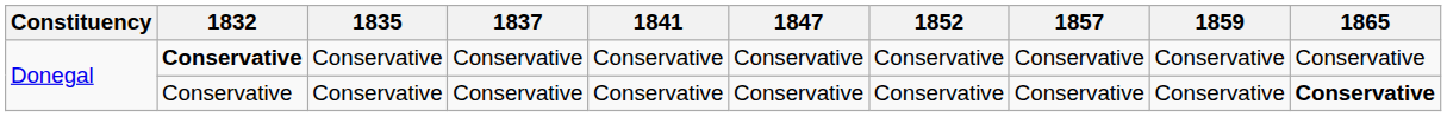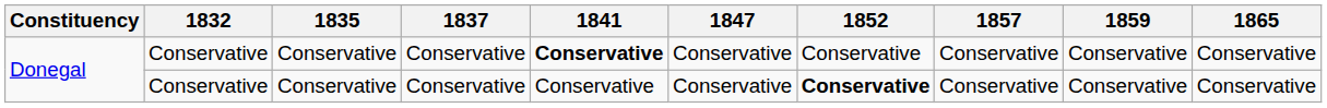 <table class=wikitable sortable>
 <tr>
 <th>Constituency</th>
 <th>1832</th>
 <th>1835</th>
 <th>1837</th>
 <th>1841</th>
 <th>1847</th>
 <th>1852</th>
 <th>1857</th>
 <th>1859</th>
 <th>1865</th>
 </tr>
 <tr>
 <td rowspan=2><a href='#'>Donegal</a></td>
-<td bgcolor=><strong>Conservative</strong></td>
 <td bgcolor=>Conservative</td>
 <td bgcolor=>Conservative</td>
 <td bgcolor=>Conservative</td>
+<td bgcolor=><strong>Conservative</strong></td>
 <td bgcolor=>Conservative</td>
 <td bgcolor=>Conservative</td>
 <td bgcolor=>Conservative</td>
 <td bgcolor=>Conservative</td>
 <td bgcolor=>Conservative</td>
 </tr>
 <tr>
 <td bgcolor=>Conservative</td>
 <td bgcolor=>Conservative</td>
 <td bgcolor=>Conservative</td>
 <td bgcolor=>Conservative</td>
 <td bgcolor=>Conservative</td>
+<td bgcolor=><strong>Conservative</strong></td>
 <td bgcolor=>Conservative</td>
 <td bgcolor=>Conservative</td>
 <td bgcolor=>Conservative</td>
-<td bgcolor=><strong>Conservative</strong></td>
 </tr>
 </table>
